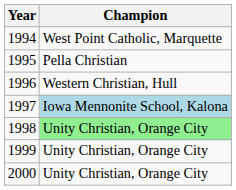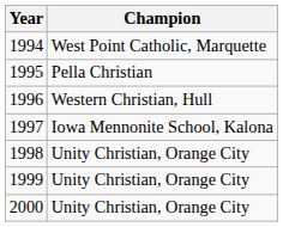 <table class="wikitable">
 <tr>
 <th>Year</th>
 <th>Champion</th>
 </tr>
 <tr>
 <td>1994</td>
 <td>West Point Catholic, Marquette</td>
 </tr>
 <tr>
 <td>1995</td>
 <td>Pella Christian</td>
 </tr>
 <tr>
 <td>1996</td>
 <td>Western Christian, Hull</td>
 </tr>
 <tr>
 <td>1997</td>
-<td style="background: lightblue;">Iowa Mennonite School, Kalona</td>
+<td>Iowa Mennonite School, Kalona</td>
 </tr>
 <tr>
 <td>1998</td>
-<td style="background: lightgreen;">Unity Christian, Orange City</td>
+<td>Unity Christian, Orange City</td>
 </tr>
 <tr>
 <td>1999</td>
 <td>Unity Christian, Orange City</td>
 </tr>
 <tr>
 <td>2000</td>
 <td>Unity Christian, Orange City</td>
 </tr>
 </table>
